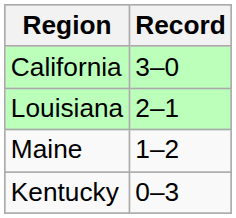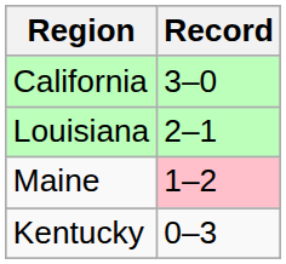 <table class="wikitable">
 <tr>
 <th>Region</th>
 <th>Record</th>
 </tr>
 <tr bgcolor=#bbffbb>
 <td> California</td>
 <td>3–0</td>
 </tr>
 <tr bgcolor=#bbffbb>
 <td> Louisiana</td>
 <td>2–1</td>
 </tr>
 <tr>
 <td> Maine</td>
-<td>1–2</td>
+<td style="background: pink;">1–2</td>
 </tr>
 <tr>
 <td> Kentucky</td>
 <td>0–3</td>
 </tr>
 </table>
